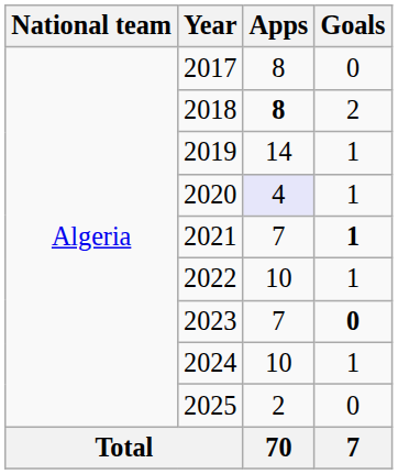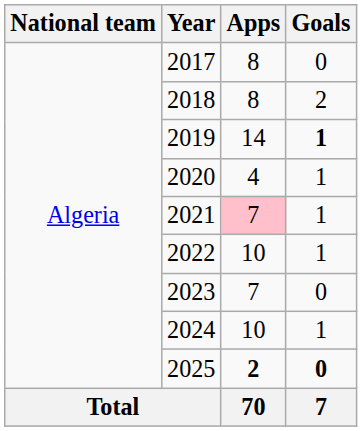 <table class="wikitable" style="text-align:center">
 <tr>
 <th>National team</th>
 <th>Year</th>
 <th>Apps</th>
 <th>Goals</th>
 </tr>
 <tr>
 <td rowspan="9"><a href='#'>Algeria</a></td>
 <td>2017</td>
 <td>8</td>
 <td>0</td>
 </tr>
 <tr>
 <td>2018</td>
-<td><strong>8</strong></td>
+<td>8</td>
 <td>2</td>
 </tr>
 <tr>
 <td>2019</td>
 <td>14</td>
-<td>1</td>
+<td><strong>1</strong></td>
 </tr>
 <tr>
 <td>2020</td>
-<td style="background: lavender;">4</td>
+<td>4</td>
 <td>1</td>
 </tr>
 <tr>
 <td>2021</td>
-<td>7</td>
-<td><strong>1</strong></td>
+<td style="background: pink;">7</td>
+<td>1</td>
 </tr>
 <tr>
 <td>2022</td>
 <td>10</td>
 <td>1</td>
 </tr>
 <tr>
 <td>2023</td>
 <td>7</td>
-<td><strong>0</strong></td>
+<td>0</td>
 </tr>
 <tr>
 <td>2024</td>
 <td>10</td>
 <td>1</td>
 </tr>
 <tr>
 <td>2025</td>
-<td>2</td>
-<td>0</td>
+<td><strong>2</strong></td>
+<td><strong>0</strong></td>
 </tr>
 <tr>
 <th colspan="2">Total</th>
 <th>70</th>
 <th>7</th>
 </tr>
 </table>
